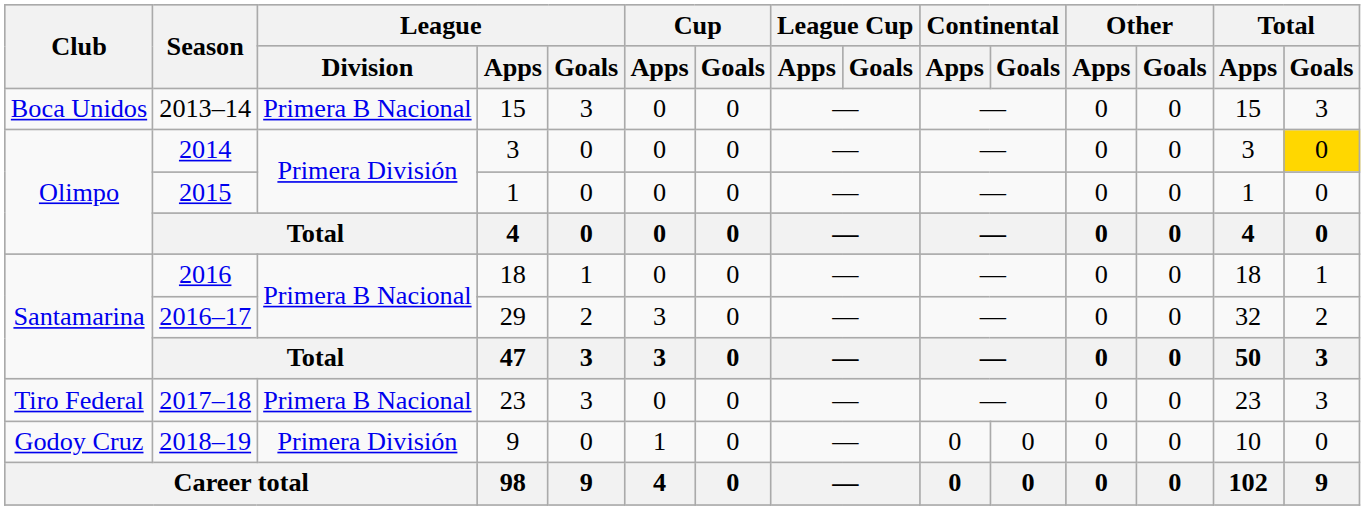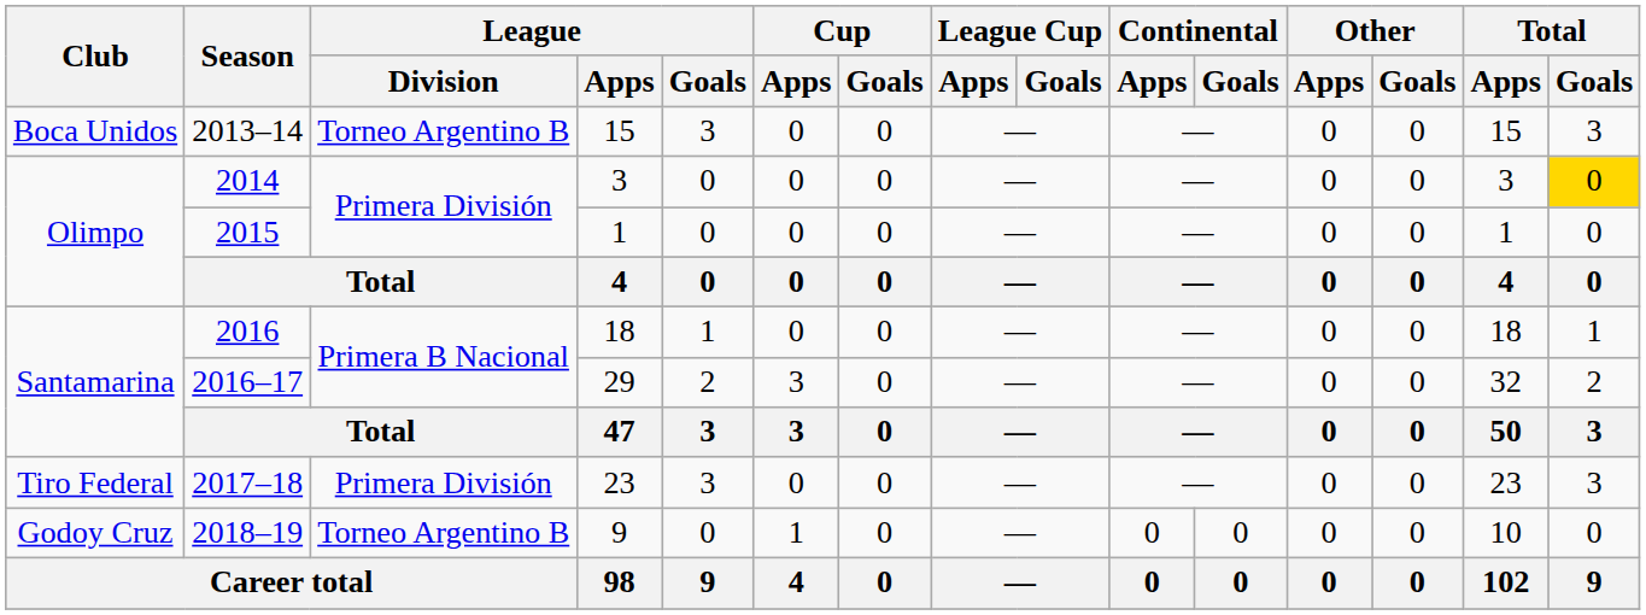 <table class="wikitable" style="text-align:center">
 <tr>
 <th rowspan="2">Club</th>
 <th rowspan="2">Season</th>
 <th colspan="3">League</th>
 <th colspan="2">Cup</th>
 <th colspan="2">League Cup</th>
 <th colspan="2">Continental</th>
 <th colspan="2">Other</th>
 <th colspan="2">Total</th>
 </tr>
 <tr>
 <th>Division</th>
 <th>Apps</th>
 <th>Goals</th>
 <th>Apps</th>
 <th>Goals</th>
 <th>Apps</th>
 <th>Goals</th>
 <th>Apps</th>
 <th>Goals</th>
 <th>Apps</th>
 <th>Goals</th>
 <th>Apps</th>
 <th>Goals</th>
 </tr>
 <tr>
 <td rowspan="1"><a href='#'>Boca Unidos</a></td>
 <td>2013–14</td>
-<td rowspan="1"><a href='#'>Primera B Nacional</a></td>
+<td rowspan="1"><a href='#'>Torneo Argentino B</a></td>
 <td>15</td>
 <td>3</td>
 <td>0</td>
 <td>0</td>
 <td colspan="2">—</td>
 <td colspan="2">—</td>
 <td>0</td>
 <td>0</td>
 <td>15</td>
 <td>3</td>
 </tr>
 <tr>
 <td rowspan="3"><a href='#'>Olimpo</a></td>
 <td><a href='#'>2014</a></td>
 <td rowspan="2"><a href='#'>Primera División</a></td>
 <td>3</td>
 <td>0</td>
 <td>0</td>
 <td>0</td>
 <td colspan="2">—</td>
 <td colspan="2">—</td>
 <td>0</td>
 <td>0</td>
 <td>3</td>
 <td style="background: gold;">0</td>
 </tr>
 <tr>
 <td><a href='#'>2015</a></td>
 <td>1</td>
 <td>0</td>
 <td>0</td>
 <td>0</td>
 <td colspan="2">—</td>
 <td colspan="2">—</td>
 <td>0</td>
 <td>0</td>
 <td>1</td>
 <td>0</td>
 </tr>
 <tr>
 <th colspan="2">Total</th>
 <th>4</th>
 <th>0</th>
 <th>0</th>
 <th>0</th>
 <th colspan="2">—</th>
 <th colspan="2">—</th>
 <th>0</th>
 <th>0</th>
 <th>4</th>
 <th>0</th>
 </tr>
 <tr>
 <td rowspan="3"><a href='#'>Santamarina</a></td>
 <td><a href='#'>2016</a></td>
 <td rowspan="2"><a href='#'>Primera B Nacional</a></td>
 <td>18</td>
 <td>1</td>
 <td>0</td>
 <td>0</td>
 <td colspan="2">—</td>
 <td colspan="2">—</td>
 <td>0</td>
 <td>0</td>
 <td>18</td>
 <td>1</td>
 </tr>
 <tr>
 <td><a href='#'>2016–17</a></td>
 <td>29</td>
 <td>2</td>
 <td>3</td>
 <td>0</td>
 <td colspan="2">—</td>
 <td colspan="2">—</td>
 <td>0</td>
 <td>0</td>
 <td>32</td>
 <td>2</td>
 </tr>
 <tr>
 <th colspan="2">Total</th>
 <th>47</th>
 <th>3</th>
 <th>3</th>
 <th>0</th>
 <th colspan="2">—</th>
 <th colspan="2">—</th>
 <th>0</th>
 <th>0</th>
 <th>50</th>
 <th>3</th>
 </tr>
 <tr>
 <td rowspan="1"><a href='#'>Tiro Federal</a></td>
 <td><a href='#'>2017–18</a></td>
-<td rowspan="1"><a href='#'>Primera B Nacional</a></td>
+<td rowspan="1"><a href='#'>Primera División</a></td>
 <td>23</td>
 <td>3</td>
 <td>0</td>
 <td>0</td>
 <td colspan="2">—</td>
 <td colspan="2">—</td>
 <td>0</td>
 <td>0</td>
 <td>23</td>
 <td>3</td>
 </tr>
 <tr>
 <td rowspan="1"><a href='#'>Godoy Cruz</a></td>
 <td><a href='#'>2018–19</a></td>
-<td rowspan="1"><a href='#'>Primera División</a></td>
+<td rowspan="1"><a href='#'>Torneo Argentino B</a></td>
 <td>9</td>
 <td>0</td>
 <td>1</td>
 <td>0</td>
 <td colspan="2">—</td>
 <td>0</td>
 <td>0</td>
 <td>0</td>
 <td>0</td>
 <td>10</td>
 <td>0</td>
 </tr>
 <tr>
 <th colspan="3">Career total</th>
 <th>98</th>
 <th>9</th>
 <th>4</th>
 <th>0</th>
 <th colspan="2">—</th>
 <th>0</th>
 <th>0</th>
 <th>0</th>
 <th>0</th>
 <th>102</th>
 <th>9</th>
 </tr>
 </table>
